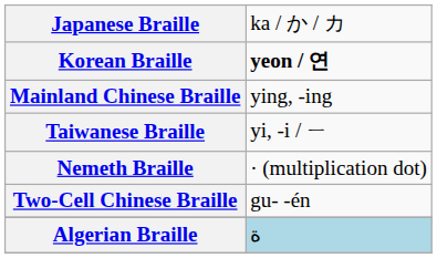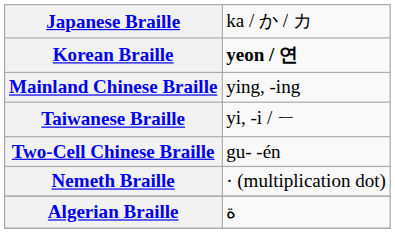 <table class="wikitable">
 <tr>
 <th align=left><a href='#'>Japanese Braille</a></th>
 <td>ka / か / カ </td>
 </tr>
 <tr>
 <th align=left><a href='#'>Korean Braille</a></th>
 <td><strong>yeon / 연 </strong></td>
 </tr>
 <tr>
 <th align=left><a href='#'>Mainland Chinese Braille</a></th>
 <td>ying, -ing </td>
 </tr>
 <tr>
 <th align=left><a href='#'>Taiwanese Braille</a></th>
 <td>yi, -i / ㄧ</td>
 </tr>
 <tr>
+<th align=left><a href='#'>Two-Cell Chinese Braille</a></th>
+<td>gu- -én</td>
+</tr>
+<tr>
 <th align=left><a href='#'>Nemeth Braille</a></th>
 <td>· (multiplication dot) </td>
-</tr>
-<tr>
-<th align=left><a href='#'>Two-Cell Chinese Braille</a></th>
-<td>gu- -én</td>
 </tr>
 <tr>
 </tr>
 <tr>
 <th align=left><a href='#'>Algerian Braille</a></th>
-<td style="background: lightblue;">ة ‎</td>
+<td>ة ‎</td>
 </tr>
 <tr>
 </tr>
 </table>
